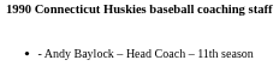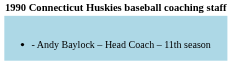 <table class="toccolours">
 <tr>
 <th colspan=9>1990 Connecticut Huskies baseball coaching staff</th>
 </tr>
 <tr>
-<td style="text-align: left; font-size: 95%;" valign="top"><br><ul><li>- Andy Baylock – Head Coach – 11th season</li></ul></td>
+<td style="background: lightblue; text-align: left; font-size: 95%;" valign="top"><br><ul><li>- Andy Baylock – Head Coach – 11th season</li></ul></td>
 </tr>
 </table>
